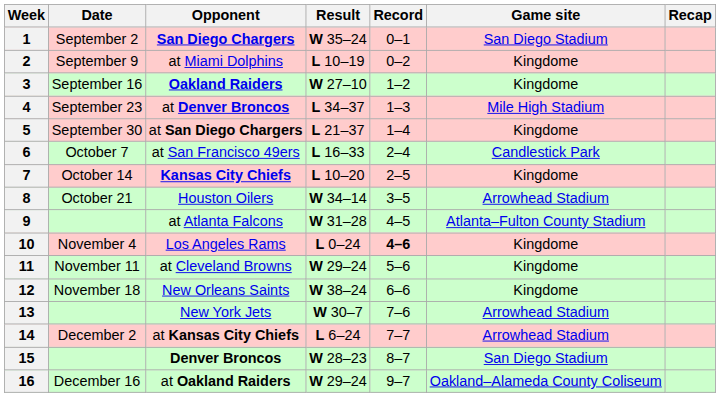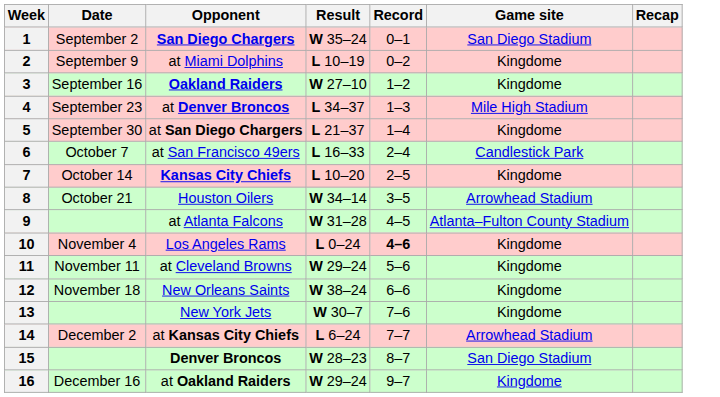 <table class="wikitable" style="text-align:center">
 <tr>
 <th>Week</th>
 <th>Date</th>
 <th>Opponent</th>
 <th>Result</th>
 <th>Record</th>
 <th>Game site</th>
 <th>Recap</th>
 </tr>
 <tr style="background:#fcc">
 <th>1</th>
 <td>September 2</td>
 <td><strong><a href='#'>San Diego Chargers</a></strong></td>
 <td><strong>W</strong> 35–24</td>
 <td>0–1</td>
 <td><a href='#'>San Diego Stadium</a></td>
 <td></td>
 </tr>
 <tr style="background:#fcc">
 <th>2</th>
 <td>September 9</td>
 <td>at <a href='#'>Miami Dolphins</a></td>
 <td><strong>L</strong> 10–19</td>
 <td>0–2</td>
 <td>Kingdome</td>
 <td></td>
 </tr>
 <tr style="background:#cfc">
 <th>3</th>
 <td>September 16</td>
 <td><strong><a href='#'>Oakland Raiders</a></strong></td>
 <td><strong>W</strong> 27–10</td>
 <td>1–2</td>
 <td>Kingdome</td>
 <td></td>
 </tr>
 <tr style="background:#fcc">
 <th>4</th>
 <td>September 23</td>
 <td>at <strong><a href='#'>Denver Broncos</a></strong></td>
 <td><strong>L</strong> 34–37</td>
 <td>1–3</td>
 <td><a href='#'>Mile High Stadium</a></td>
 <td></td>
 </tr>
 <tr style="background:#fcc">
 <th>5</th>
 <td>September 30</td>
 <td>at <strong>San Diego Chargers</strong></td>
 <td><strong>L</strong> 21–37</td>
 <td>1–4</td>
 <td>Kingdome</td>
 <td></td>
 </tr>
 <tr style="background:#cfc">
 <th>6</th>
 <td>October 7</td>
 <td>at <a href='#'>San Francisco 49ers</a></td>
 <td><strong>L</strong> 16–33</td>
 <td>2–4</td>
 <td><a href='#'>Candlestick Park</a></td>
 <td></td>
 </tr>
 <tr style="background:#fcc">
 <th>7</th>
 <td>October 14</td>
 <td><strong><a href='#'>Kansas City Chiefs</a></strong></td>
 <td><strong>L</strong> 10–20</td>
 <td>2–5</td>
 <td>Kingdome</td>
 <td></td>
 </tr>
 <tr style="background:#cfc">
 <th>8</th>
 <td>October 21</td>
 <td><a href='#'>Houston Oilers</a></td>
 <td><strong>W</strong> 34–14</td>
 <td>3–5</td>
 <td><a href='#'>Arrowhead Stadium</a></td>
 <td></td>
 </tr>
 <tr style="background:#cfc">
 <th>9</th>
 <td></td>
 <td>at <a href='#'>Atlanta Falcons</a></td>
 <td><strong>W</strong> 31–28</td>
 <td>4–5</td>
 <td><a href='#'>Atlanta–Fulton County Stadium</a></td>
 <td></td>
 </tr>
 <tr style="background:#fcc">
 <th>10</th>
 <td>November 4</td>
 <td><a href='#'>Los Angeles Rams</a></td>
 <td><strong>L</strong> 0–24</td>
 <td><strong>4–6</strong></td>
 <td>Kingdome</td>
 <td></td>
 </tr>
 <tr style="background:#cfc">
 <th>11</th>
 <td>November 11</td>
 <td>at <a href='#'>Cleveland Browns</a></td>
 <td><strong>W</strong> 29–24</td>
 <td>5–6</td>
 <td>Kingdome</td>
 <td></td>
 </tr>
 <tr style="background:#cfc">
 <th>12</th>
 <td>November 18</td>
 <td><a href='#'>New Orleans Saints</a></td>
 <td><strong>W</strong> 38–24</td>
 <td>6–6</td>
 <td>Kingdome</td>
 <td></td>
 </tr>
 <tr style="background:#cfc">
 <th>13</th>
 <td></td>
 <td><a href='#'>New York Jets</a></td>
 <td><strong>W</strong> 30–7</td>
 <td>7–6</td>
-<td><a href='#'>Arrowhead Stadium</a></td>
+<td>Kingdome</td>
 <td></td>
 </tr>
 <tr style="background:#fcc">
 <th>14</th>
 <td>December 2</td>
 <td>at <strong>Kansas City Chiefs</strong></td>
 <td><strong>L</strong> 6–24</td>
 <td>7–7</td>
 <td><a href='#'>Arrowhead Stadium</a></td>
 <td></td>
 </tr>
 <tr style="background:#cfc">
 <th>15</th>
 <td></td>
 <td><strong>Denver Broncos</strong></td>
 <td><strong>W</strong> 28–23</td>
 <td>8–7</td>
 <td><a href='#'>San Diego Stadium</a></td>
 <td></td>
 </tr>
 <tr style="background:#cfc">
 <th>16</th>
 <td>December 16</td>
 <td>at <strong>Oakland Raiders</strong></td>
 <td><strong>W</strong> 29–24</td>
 <td>9–7</td>
-<td><a href='#'>Oakland–Alameda County Coliseum</a></td>
+<td><a href='#'>Kingdome</a></td>
 <td></td>
 </tr>
 </table>
